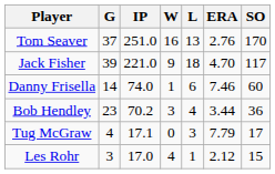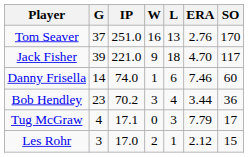 <table class="wikitable sortable">
 <tr>
 <th>Player</th>
 <th>G</th>
 <th>IP</th>
 <th>W</th>
 <th>L</th>
 <th>ERA</th>
 <th>SO</th>
 </tr>
 <tr align="center">
 <td><a href='#'>Tom Seaver</a></td>
 <td>37</td>
 <td>251.0</td>
 <td>16</td>
 <td>13</td>
 <td>2.76</td>
 <td>170</td>
 </tr>
 <tr align=center>
 <td><a href='#'>Jack Fisher</a></td>
 <td>39</td>
 <td>221.0</td>
 <td>9</td>
 <td>18</td>
 <td>4.70</td>
 <td>117</td>
 </tr>
 <tr align=center>
 <td><a href='#'>Danny Frisella</a></td>
 <td>14</td>
 <td>74.0</td>
 <td>1</td>
 <td>6</td>
 <td>7.46</td>
 <td>60</td>
 </tr>
 <tr align=center>
 <td><a href='#'>Bob Hendley</a></td>
 <td>23</td>
 <td>70.2</td>
 <td>3</td>
 <td>4</td>
 <td>3.44</td>
 <td>36</td>
 </tr>
 <tr align="center">
 <td><a href='#'>Tug McGraw</a></td>
 <td>4</td>
 <td>17.1</td>
 <td>0</td>
 <td>3</td>
 <td>7.79</td>
 <td>17</td>
 </tr>
 <tr align=center>
 <td><a href='#'>Les Rohr</a></td>
 <td>3</td>
 <td>17.0</td>
-<td>4</td>
+<td>2</td>
 <td>1</td>
 <td>2.12</td>
 <td>15</td>
 </tr>
 </table>
